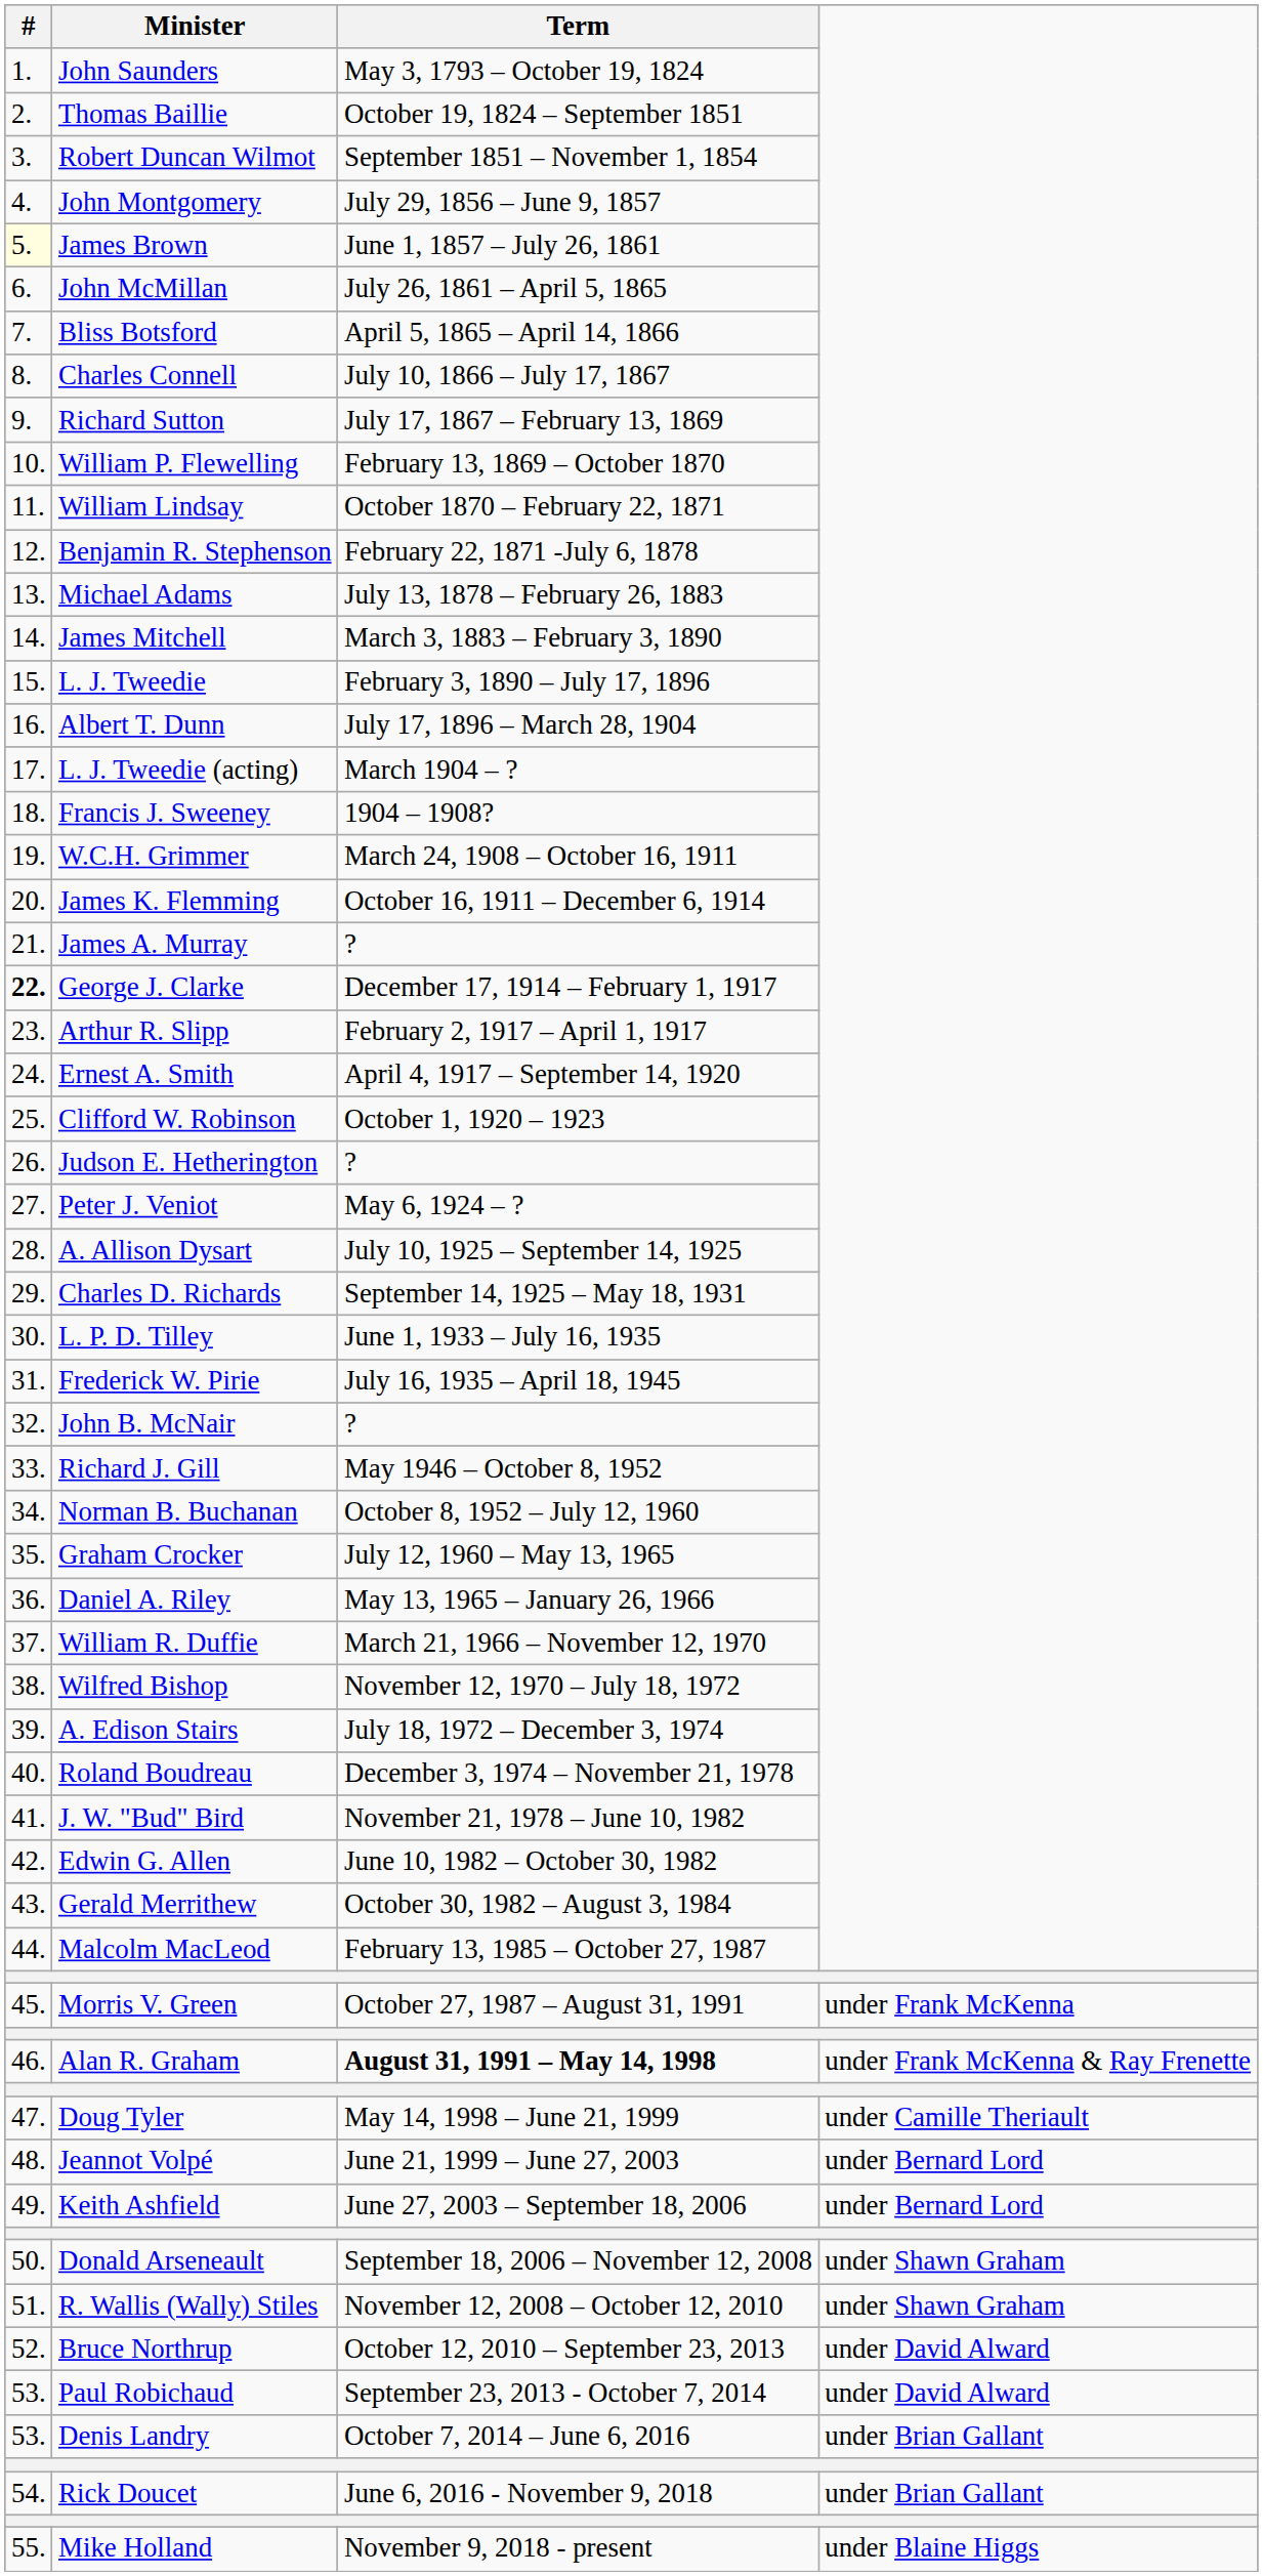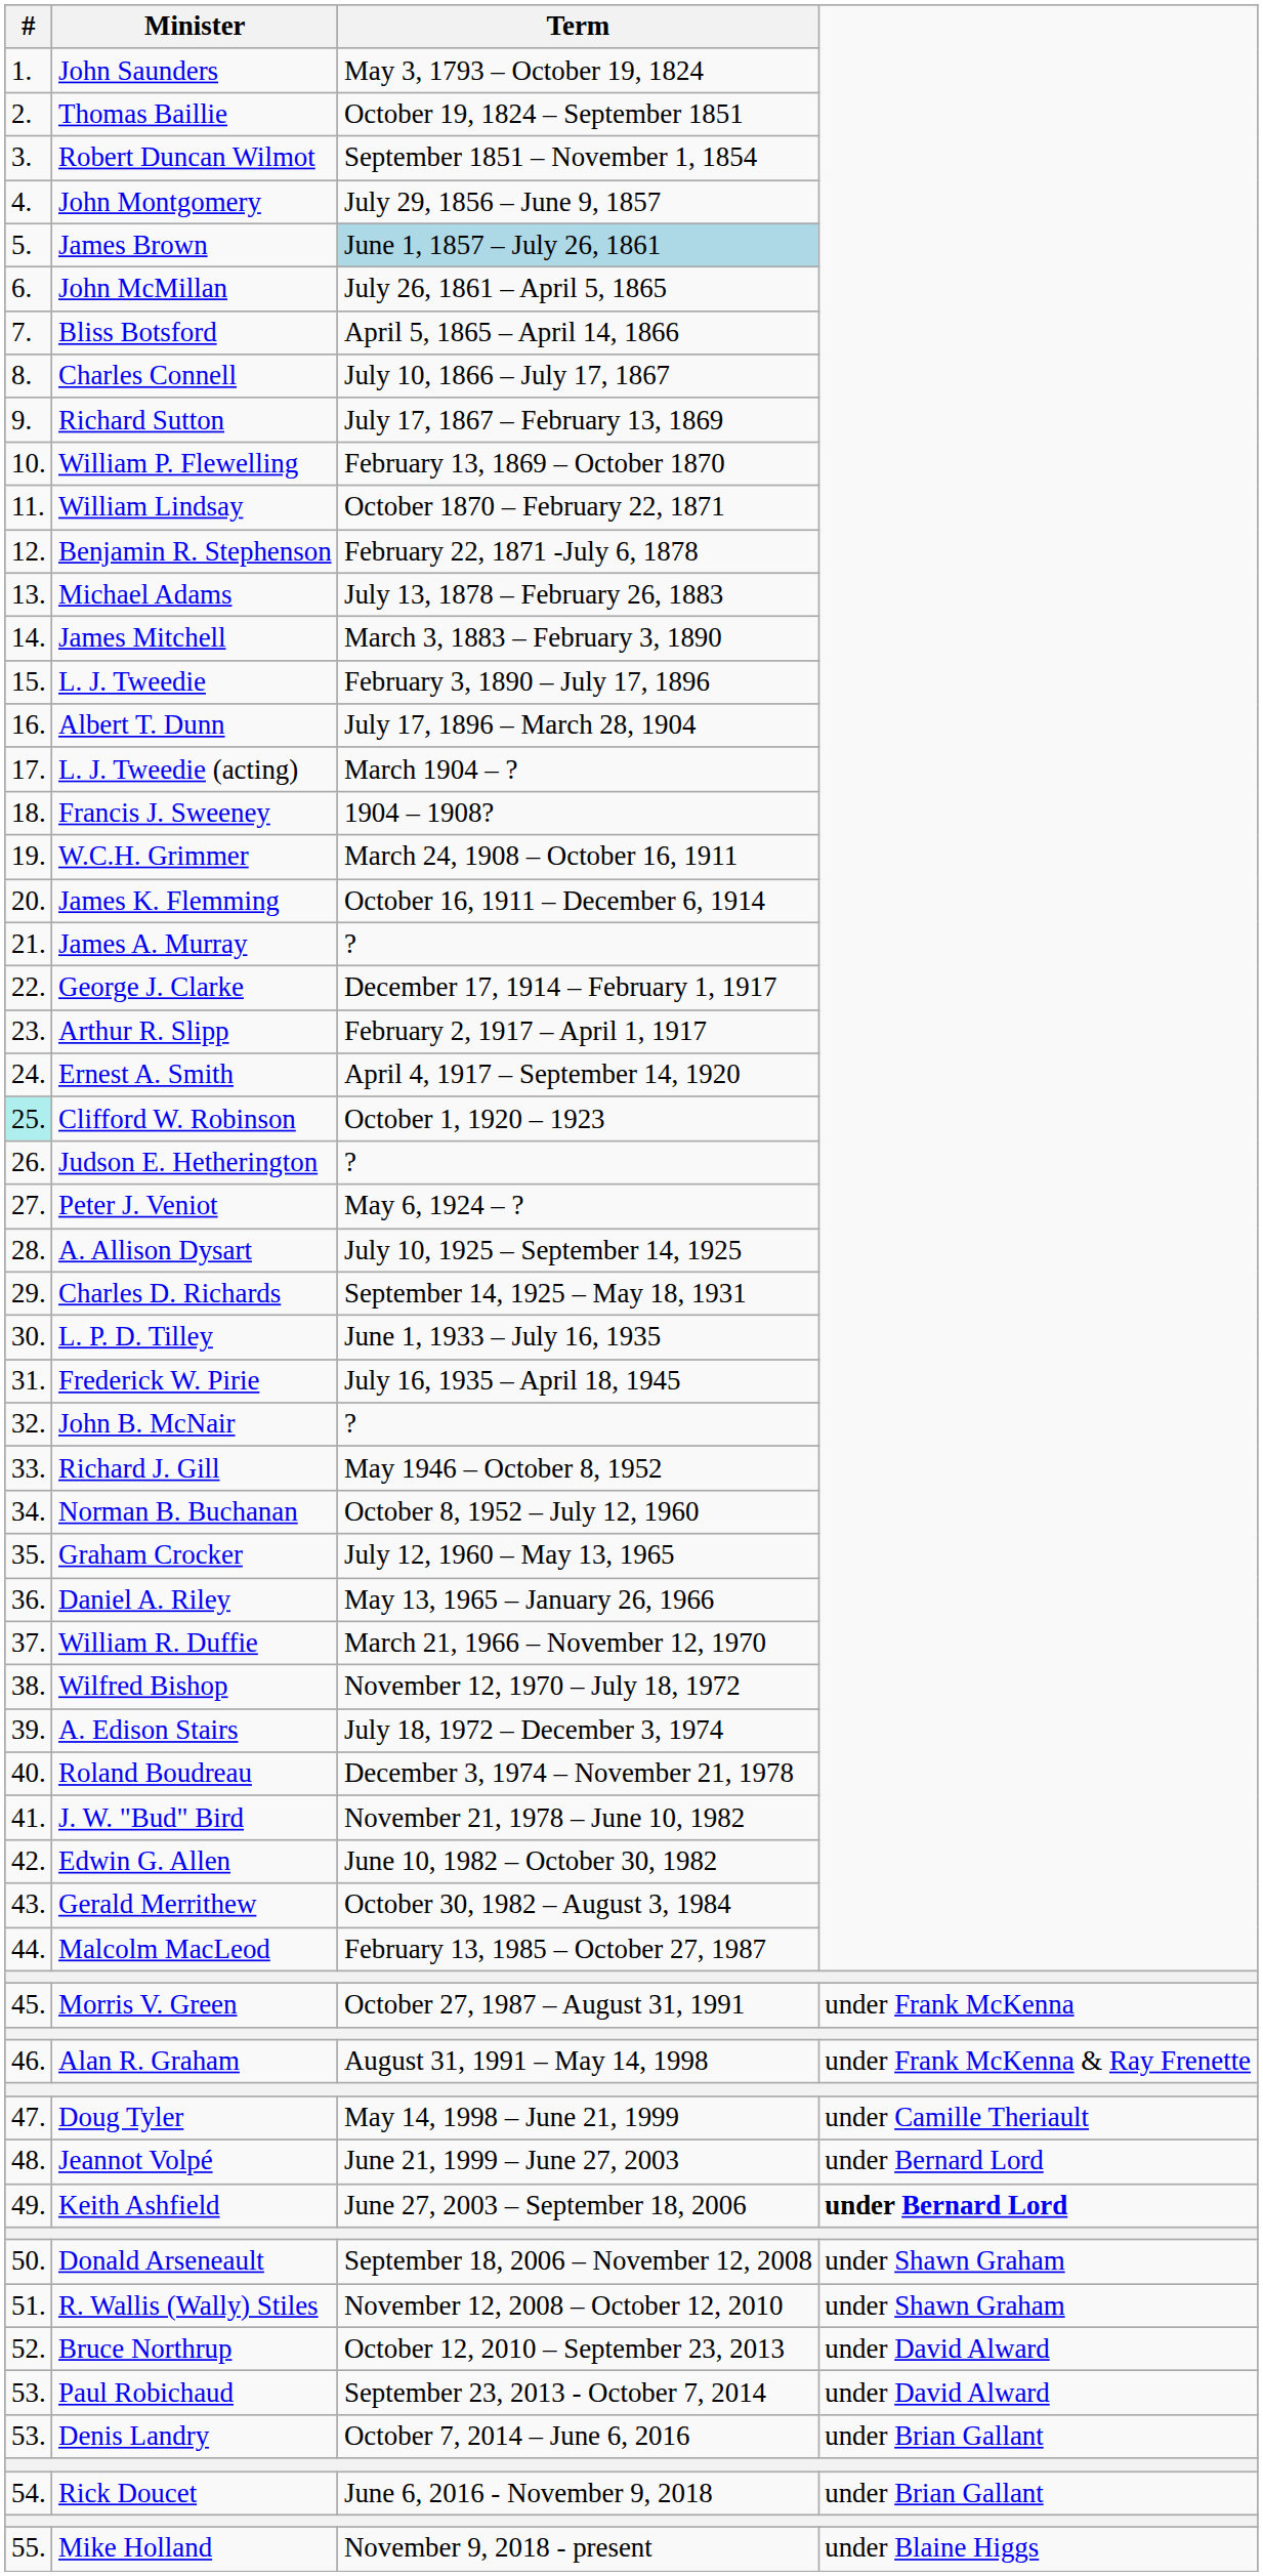 <table class="wikitable">
 <tr>
 <th>#</th>
 <th>Minister</th>
 <th>Term</th>
 </tr>
 <tr>
 <td>1.</td>
 <td><a href='#'>John Saunders</a></td>
 <td>May 3, 1793 – October 19, 1824</td>
 </tr>
 <tr>
 <td>2.</td>
 <td><a href='#'>Thomas Baillie</a></td>
 <td>October 19, 1824 – September 1851</td>
 </tr>
 <tr>
 <td>3.</td>
 <td><a href='#'>Robert Duncan Wilmot</a></td>
 <td>September 1851 – November 1, 1854</td>
 </tr>
 <tr>
 <td>4.</td>
 <td><a href='#'>John Montgomery</a></td>
 <td>July 29, 1856 – June 9, 1857</td>
 </tr>
 <tr>
-<td style="background: lightyellow;">5.</td>
+<td>5.</td>
 <td><a href='#'>James Brown</a></td>
-<td>June 1, 1857 – July 26, 1861</td>
+<td style="background: lightblue;">June 1, 1857 – July 26, 1861</td>
 </tr>
 <tr>
 <td>6.</td>
 <td><a href='#'>John McMillan</a></td>
 <td>July 26, 1861 – April 5, 1865</td>
 </tr>
 <tr>
 <td>7.</td>
 <td><a href='#'>Bliss Botsford</a></td>
 <td>April 5, 1865 – April 14, 1866</td>
 </tr>
 <tr>
 <td>8.</td>
 <td><a href='#'>Charles Connell</a></td>
 <td>July 10, 1866 –  July 17, 1867</td>
 </tr>
 <tr>
 <td>9.</td>
 <td><a href='#'>Richard Sutton</a></td>
 <td>July 17, 1867 – February 13, 1869</td>
 </tr>
 <tr>
 <td>10.</td>
 <td><a href='#'>William P. Flewelling</a></td>
 <td>February 13, 1869 – October 1870</td>
 </tr>
 <tr>
 <td>11.</td>
 <td><a href='#'>William Lindsay</a></td>
 <td>October 1870 – February 22, 1871</td>
 </tr>
 <tr>
 <td>12.</td>
 <td><a href='#'>Benjamin R. Stephenson</a></td>
 <td>February 22, 1871 -July 6, 1878</td>
 </tr>
 <tr>
 <td>13.</td>
 <td><a href='#'>Michael Adams</a></td>
 <td>July 13, 1878 – February 26, 1883</td>
 </tr>
 <tr>
 <td>14.</td>
 <td><a href='#'>James Mitchell</a></td>
 <td>March 3, 1883 – February 3, 1890</td>
 </tr>
 <tr>
 <td>15.</td>
 <td><a href='#'>L. J. Tweedie</a></td>
 <td>February 3, 1890 – July 17, 1896</td>
 </tr>
 <tr>
 <td>16.</td>
 <td><a href='#'>Albert T. Dunn</a></td>
 <td>July 17, 1896 – March 28, 1904</td>
 </tr>
 <tr>
 <td>17.</td>
 <td><a href='#'>L. J. Tweedie</a> (acting)</td>
 <td>March 1904 – ?</td>
 </tr>
 <tr>
 <td>18.</td>
 <td><a href='#'>Francis J. Sweeney</a></td>
 <td>1904 – 1908?</td>
 </tr>
 <tr>
 <td>19.</td>
 <td><a href='#'>W.C.H. Grimmer</a></td>
 <td>March 24, 1908 – October 16, 1911</td>
 </tr>
 <tr>
 <td>20.</td>
 <td><a href='#'>James K. Flemming</a></td>
 <td>October 16, 1911 – December 6, 1914</td>
 </tr>
 <tr>
 <td>21.</td>
 <td><a href='#'>James A. Murray</a></td>
 <td>?</td>
 </tr>
 <tr>
-<td><strong>22.</strong></td>
+<td>22.</td>
 <td><a href='#'>George J. Clarke</a></td>
 <td>December 17, 1914 – February 1, 1917</td>
 </tr>
 <tr>
 <td>23.</td>
 <td><a href='#'>Arthur R. Slipp</a></td>
 <td>February 2, 1917 – April 1, 1917</td>
 </tr>
 <tr>
 <td>24.</td>
 <td><a href='#'>Ernest A. Smith</a></td>
 <td>April 4, 1917 – September 14, 1920</td>
 </tr>
 <tr>
-<td>25.</td>
+<td style="background: paleturquoise;">25.</td>
 <td><a href='#'>Clifford W. Robinson</a></td>
 <td>October 1, 1920 – 1923</td>
 </tr>
 <tr>
 <td>26.</td>
 <td><a href='#'>Judson E. Hetherington</a></td>
 <td>?</td>
 </tr>
 <tr>
 <td>27.</td>
 <td><a href='#'>Peter J. Veniot</a></td>
 <td>May 6, 1924 – ?</td>
 </tr>
 <tr>
 <td>28.</td>
 <td><a href='#'>A. Allison Dysart</a></td>
 <td>July 10, 1925 – September 14, 1925</td>
 </tr>
 <tr>
 <td>29.</td>
 <td><a href='#'>Charles D. Richards</a></td>
 <td>September 14, 1925 – May 18, 1931</td>
 </tr>
 <tr>
 <td>30.</td>
 <td><a href='#'>L. P. D. Tilley</a></td>
 <td>June 1, 1933 – July 16, 1935</td>
 </tr>
 <tr>
 <td>31.</td>
 <td><a href='#'>Frederick W. Pirie</a></td>
 <td>July 16, 1935 – April 18, 1945</td>
 </tr>
 <tr>
 <td>32.</td>
 <td><a href='#'>John B. McNair</a></td>
 <td>?</td>
 </tr>
 <tr>
 <td>33.</td>
 <td><a href='#'>Richard J. Gill</a></td>
 <td>May 1946 – October 8, 1952</td>
 </tr>
 <tr>
 <td>34.</td>
 <td><a href='#'>Norman B. Buchanan</a></td>
 <td>October 8, 1952 – July 12, 1960</td>
 </tr>
 <tr>
 <td>35.</td>
 <td><a href='#'>Graham Crocker</a></td>
 <td>July 12, 1960 – May 13, 1965</td>
 </tr>
 <tr>
 <td>36.</td>
 <td><a href='#'>Daniel A. Riley</a></td>
 <td>May 13, 1965  – January 26, 1966</td>
 </tr>
 <tr>
 <td>37.</td>
 <td><a href='#'>William R. Duffie</a></td>
 <td>March 21, 1966 – November 12, 1970</td>
 </tr>
 <tr>
 <td>38.</td>
 <td><a href='#'>Wilfred Bishop</a></td>
 <td>November 12, 1970  – July 18, 1972</td>
 </tr>
 <tr>
 <td>39.</td>
 <td><a href='#'>A. Edison Stairs</a></td>
 <td>July 18, 1972 – December 3, 1974</td>
 </tr>
 <tr>
 <td>40.</td>
 <td><a href='#'>Roland Boudreau</a></td>
 <td>December 3, 1974 – November 21, 1978</td>
 </tr>
 <tr>
 <td>41.</td>
 <td><a href='#'>J. W. "Bud" Bird</a></td>
 <td>November 21, 1978 – June 10, 1982</td>
 </tr>
 <tr>
 <td>42.</td>
 <td><a href='#'>Edwin G. Allen</a></td>
 <td>June 10, 1982 – October 30, 1982</td>
 </tr>
 <tr>
 <td>43.</td>
 <td><a href='#'>Gerald Merrithew</a></td>
 <td>October 30, 1982 – August 3, 1984</td>
 </tr>
 <tr>
 <td>44.</td>
 <td><a href='#'>Malcolm MacLeod</a></td>
 <td>February 13, 1985 – October 27, 1987</td>
 </tr>
 <tr>
 <th colspan=4></th>
 </tr>
 <tr>
 <td>45.</td>
 <td><a href='#'>Morris V. Green</a></td>
 <td>October 27, 1987 – August 31, 1991</td>
 <td>under <a href='#'>Frank McKenna</a></td>
 </tr>
 <tr>
 <th colspan=4></th>
 </tr>
 <tr>
 <td>46.</td>
 <td><a href='#'>Alan R. Graham</a></td>
-<td><strong>August 31, 1991 – May 14, 1998</strong></td>
+<td>August 31, 1991 – May 14, 1998</td>
 <td>under <a href='#'>Frank McKenna</a> & <a href='#'>Ray Frenette</a></td>
 </tr>
 <tr>
 <th colspan=4></th>
 </tr>
 <tr>
 <td>47.</td>
 <td><a href='#'>Doug Tyler</a></td>
 <td>May 14, 1998 – June 21, 1999</td>
 <td>under <a href='#'>Camille Theriault</a></td>
 </tr>
 <tr>
 <td>48.</td>
 <td><a href='#'>Jeannot Volpé</a></td>
 <td>June 21, 1999 – June 27, 2003</td>
 <td>under <a href='#'>Bernard Lord</a></td>
 </tr>
 <tr>
 <td>49.</td>
 <td><a href='#'>Keith Ashfield</a></td>
 <td>June 27, 2003 – September 18, 2006</td>
-<td>under <a href='#'>Bernard Lord</a></td>
+<td><strong>under <a href='#'>Bernard Lord</a></strong></td>
 </tr>
 <tr>
 <th colspan=4></th>
 </tr>
 <tr>
 <td>50.</td>
 <td><a href='#'>Donald Arseneault</a></td>
 <td>September 18, 2006 – November 12, 2008</td>
 <td>under <a href='#'>Shawn Graham</a></td>
 </tr>
 <tr>
 <td>51.</td>
 <td><a href='#'>R. Wallis (Wally) Stiles</a></td>
 <td>November 12, 2008 – October 12, 2010</td>
 <td>under <a href='#'>Shawn Graham</a></td>
 </tr>
 <tr>
 <td>52.</td>
 <td><a href='#'>Bruce Northrup</a></td>
 <td>October 12, 2010 – September 23, 2013</td>
 <td>under <a href='#'>David Alward</a></td>
 </tr>
 <tr>
 <td>53.</td>
 <td><a href='#'>Paul Robichaud</a></td>
 <td>September 23, 2013 - October 7, 2014</td>
 <td>under <a href='#'>David Alward</a></td>
 </tr>
 <tr>
 <td>53.</td>
 <td><a href='#'>Denis Landry</a></td>
 <td>October 7, 2014 – June 6, 2016</td>
 <td>under <a href='#'>Brian Gallant</a></td>
 </tr>
 <tr>
 <th colspan=4></th>
 </tr>
 <tr>
 <td>54.</td>
 <td><a href='#'>Rick Doucet</a></td>
 <td>June 6, 2016 - November 9, 2018</td>
 <td>under <a href='#'>Brian Gallant</a></td>
 </tr>
 <tr>
 <th colspan=4></th>
 </tr>
 <tr>
 <td>55.</td>
 <td><a href='#'>Mike Holland</a></td>
 <td>November 9, 2018 - present</td>
 <td>under <a href='#'>Blaine Higgs</a></td>
 </tr>
 </table>
